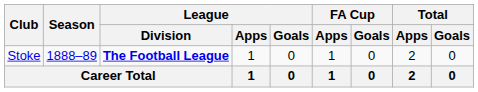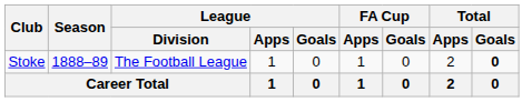 <table class="wikitable" style="text-align: center;">
 <tr>
 <th rowspan="2">Club</th>
 <th rowspan="2">Season</th>
 <th colspan="3">League</th>
 <th colspan="2">FA Cup</th>
 <th colspan="2">Total</th>
 </tr>
 <tr>
 <th>Division</th>
 <th>Apps</th>
 <th>Goals</th>
 <th>Apps</th>
 <th>Goals</th>
 <th>Apps</th>
 <th>Goals</th>
 </tr>
 <tr>
 <td><a href='#'>Stoke</a></td>
 <td><a href='#'>1888–89</a></td>
-<td><strong><a href='#'>The Football League</a></strong></td>
+<td><a href='#'>The Football League</a></td>
 <td>1</td>
 <td>0</td>
 <td>1</td>
 <td>0</td>
 <td>2</td>
-<td>0</td>
+<td><strong>0</strong></td>
 </tr>
 <tr>
 <th colspan="3">Career Total</th>
 <th>1</th>
 <th>0</th>
 <th>1</th>
 <th>0</th>
 <th>2</th>
 <th>0</th>
 </tr>
 </table>
